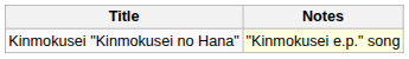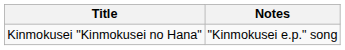 <table class="wikitable">
 <tr>
 <th>Title</th>
 <th>Notes</th>
 </tr>
 <tr>
 <td>Kinmokusei "Kinmokusei no Hana"</td>
-<td style="background: lightyellow;">"Kinmokusei e.p." song</td>
+<td>"Kinmokusei e.p." song</td>
 </tr>
 </table>
